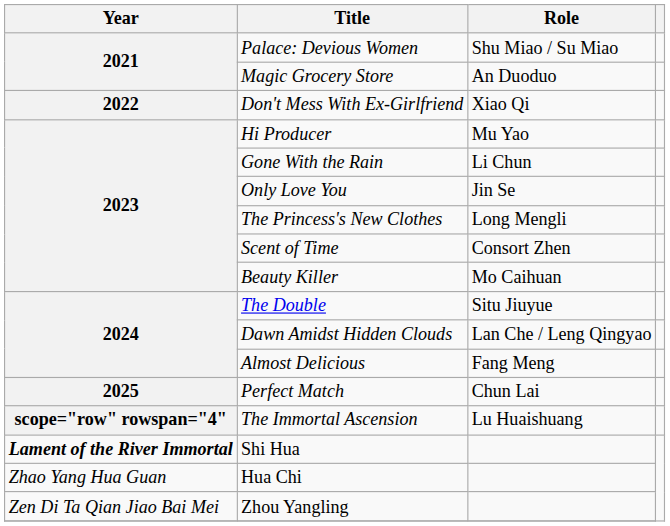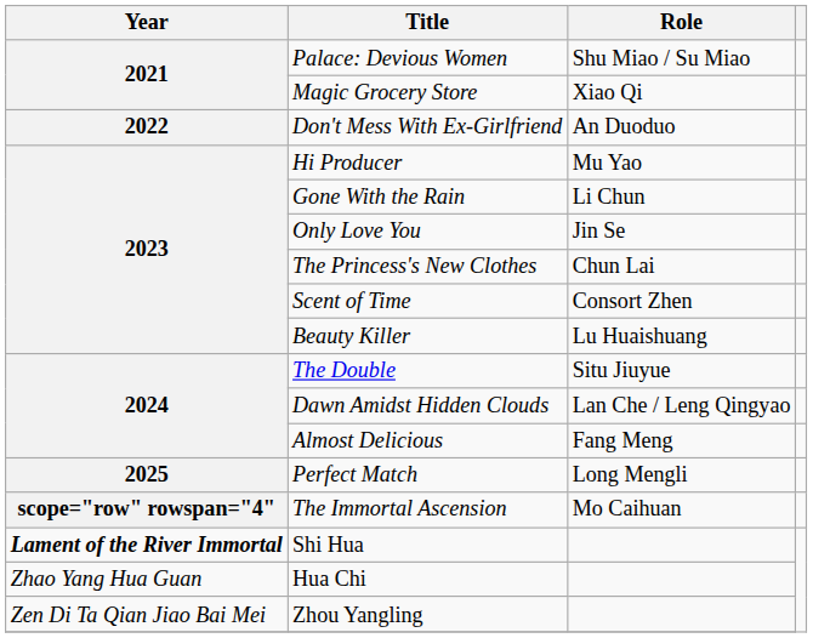 <table class="wikitable sortable plainrowheaders">
 <tr>
 <th scope="col">Year</th>
 <th scope="col">Title</th>
 <th scope="col">Role</th>
 <th scope="col" class="unsortable"></th>
 </tr>
 <tr>
 <th scope="row" rowspan="2">2021</th>
 <td><em>Palace: Devious Women</em></td>
 <td>Shu Miao / Su Miao</td>
 <td></td>
 </tr>
 <tr>
 <td><em>Magic Grocery Store</em></td>
-<td>An Duoduo</td>
+<td>Xiao Qi</td>
 <td></td>
 </tr>
 <tr>
 <th scope="row">2022</th>
 <td><em>Don't Mess With Ex-Girlfriend</em></td>
-<td>Xiao Qi</td>
+<td>An Duoduo</td>
 <td></td>
 </tr>
 <tr>
 <th scope="row" rowspan="6">2023</th>
 <td><em>Hi Producer</em></td>
 <td>Mu Yao</td>
 <td></td>
 </tr>
 <tr>
 <td><em>Gone With the Rain</em></td>
 <td>Li Chun</td>
 <td></td>
 </tr>
 <tr>
 <td><em>Only Love You</em></td>
 <td>Jin Se</td>
 <td></td>
 </tr>
 <tr>
 <td><em>The Princess's New Clothes</em></td>
-<td>Long Mengli</td>
+<td>Chun Lai</td>
 <td></td>
 </tr>
 <tr>
 <td><em>Scent of Time</em></td>
 <td>Consort Zhen</td>
 <td></td>
 </tr>
 <tr>
 <td><em>Beauty Killer</em></td>
-<td>Mo Caihuan</td>
+<td>Lu Huaishuang</td>
 <td></td>
 </tr>
 <tr>
 <th scope="row" rowspan="3">2024</th>
 <td><em><a href='#'>The Double</a></em></td>
 <td>Situ Jiuyue</td>
 <td></td>
 </tr>
 <tr>
 <td><em>Dawn Amidst Hidden Clouds</em></td>
 <td>Lan Che / Leng Qingyao</td>
 <td></td>
 </tr>
 <tr>
 <td><em>Almost Delicious</em></td>
 <td>Fang Meng</td>
 <td></td>
 </tr>
 <tr>
 <th scope="row">2025</th>
 <td><em>Perfect Match</em></td>
-<td>Chun Lai</td>
+<td>Long Mengli</td>
 <td></td>
 </tr>
 <tr>
 <th>scope="row" rowspan="4" </th>
 <td><em>The Immortal Ascension</em></td>
-<td>Lu Huaishuang</td>
+<td>Mo Caihuan</td>
 <td></td>
 </tr>
 <tr>
 <td><strong><em>Lament of the River Immortal</em></strong></td>
 <td>Shi Hua</td>
 <td></td>
 </tr>
 <tr>
 <td><em>Zhao Yang Hua Guan</em></td>
 <td>Hua Chi</td>
 <td></td>
 </tr>
 <tr>
 <td><em>Zen Di Ta Qian Jiao Bai Mei</em></td>
 <td>Zhou Yangling</td>
 <td></td>
 </tr>
 <tr>
 </tr>
 </table>
